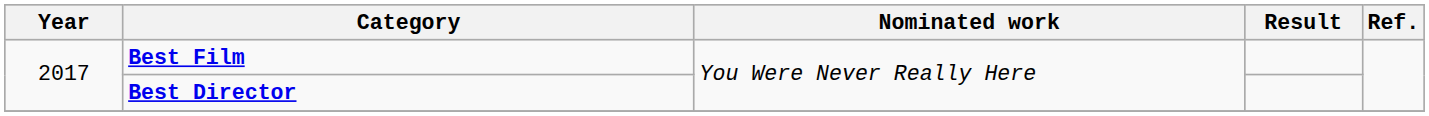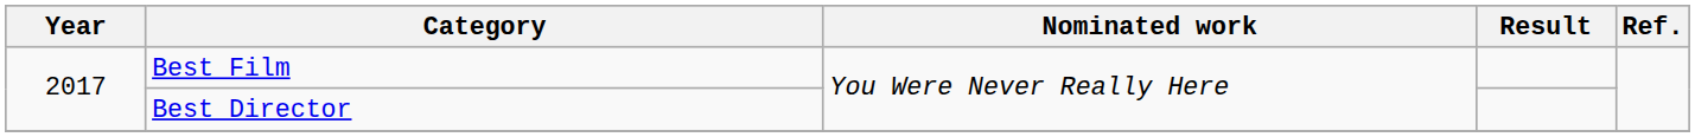 <table class=wikitable>
 <tr>
 <th scope="col" style="width:5em;">Year</th>
 <th scope="col" style="width:26em;">Category</th>
 <th scope="col" style="width:25em;">Nominated work</th>
 <th scope="col" style="width:5em;">Result</th>
 <th>Ref.</th>
 </tr>
 <tr>
 <td style="text-align:center;", rowspan=2>2017</td>
-<td><strong><a href='#'>Best Film</a></strong></td>
+<td><a href='#'>Best Film</a></td>
 <td rowspan=2><em>You Were Never Really Here</em></td>
 <td></td>
 <td rowspan=2></td>
 </tr>
 <tr>
-<td><strong><a href='#'>Best Director</a></strong></td>
+<td><a href='#'>Best Director</a></td>
 <td></td>
 </tr>
 <tr>
 </tr>
 </table>
